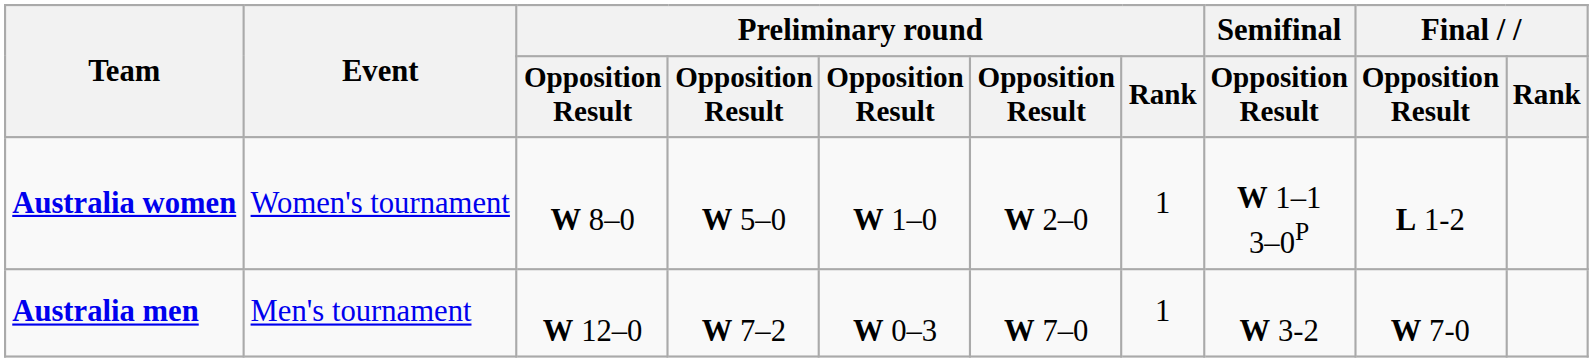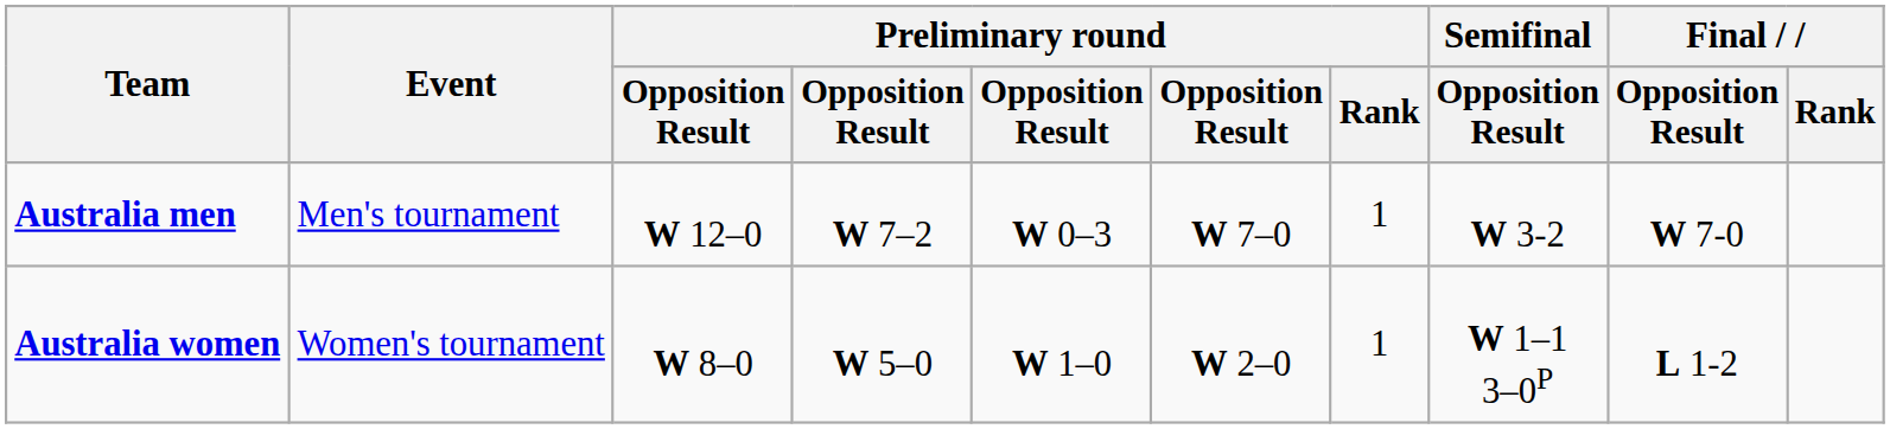 <table class=wikitable style=font-size:90%;text-align:center>
 <tr>
 <th rowspan=2>Team</th>
 <th rowspan=2>Event</th>
 <th colspan=5>Preliminary round</th>
 <th>Semifinal</th>
 <th colspan=2>Final /  / </th>
 </tr>
 <tr style=font-size:95%>
 <th>Opposition<br>Result</th>
 <th>Opposition<br>Result</th>
 <th>Opposition<br>Result</th>
 <th>Opposition<br>Result</th>
 <th>Rank</th>
 <th>Opposition<br>Result</th>
 <th>Opposition<br>Result</th>
 <th>Rank</th>
 </tr>
 <tr>
+<td align=left><strong><a href='#'>Australia men</a></strong></td>
+<td align=left><a href='#'>Men's tournament</a></td>
+<td><br> <strong>W</strong> 12–0</td>
+<td><br> <strong>W</strong> 7–2</td>
+<td><br> <strong>W</strong> 0–3</td>
+<td><br> <strong>W</strong> 7–0</td>
+<td>1</td>
+<td><br><strong>W</strong> 3-2</td>
+<td><br><strong>W</strong> 7-0</td>
+<td></td>
+</tr>
+<tr>
 <td align=left><strong><a href='#'>Australia women</a></strong></td>
 <td align=left><a href='#'>Women's tournament</a></td>
 <td> <br> <strong>W</strong> 8–0</td>
 <td> <br> <strong>W</strong> 5–0</td>
 <td> <br> <strong>W</strong> 1–0</td>
 <td> <br> <strong>W</strong> 2–0</td>
 <td>1</td>
 <td> <br> <strong>W</strong> 1–1<br> 3–0<sup>P</sup></td>
 <td> <br> <strong>L</strong> 1-2</td>
 <td></td>
 </tr>
-<tr>
-<td align=left><strong><a href='#'>Australia men</a></strong></td>
-<td align=left><a href='#'>Men's tournament</a></td>
-<td><br> <strong>W</strong> 12–0</td>
-<td><br> <strong>W</strong> 7–2</td>
-<td><br> <strong>W</strong> 0–3</td>
-<td><br> <strong>W</strong> 7–0</td>
-<td>1</td>
-<td><br><strong>W</strong> 3-2</td>
-<td><br><strong>W</strong> 7-0</td>
-<td></td>
-</tr>
 </table>
